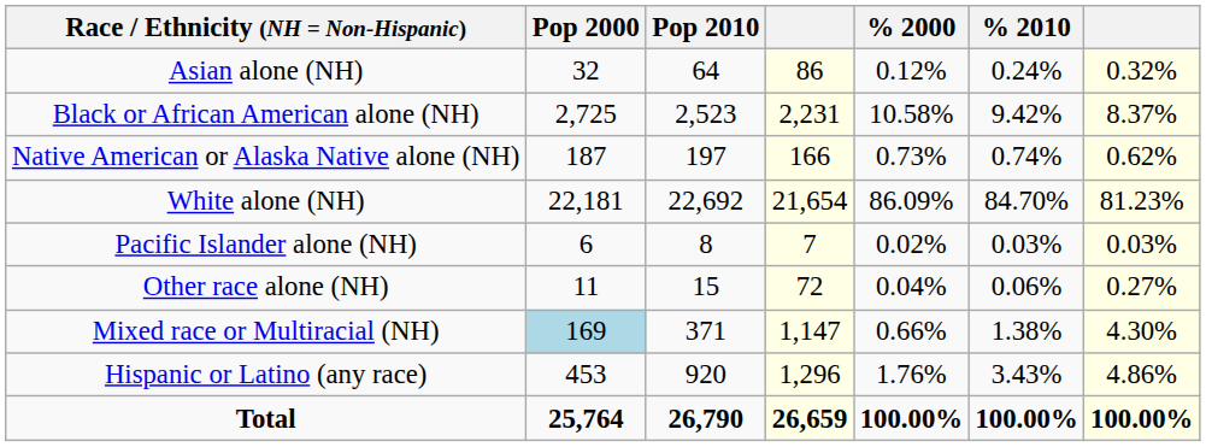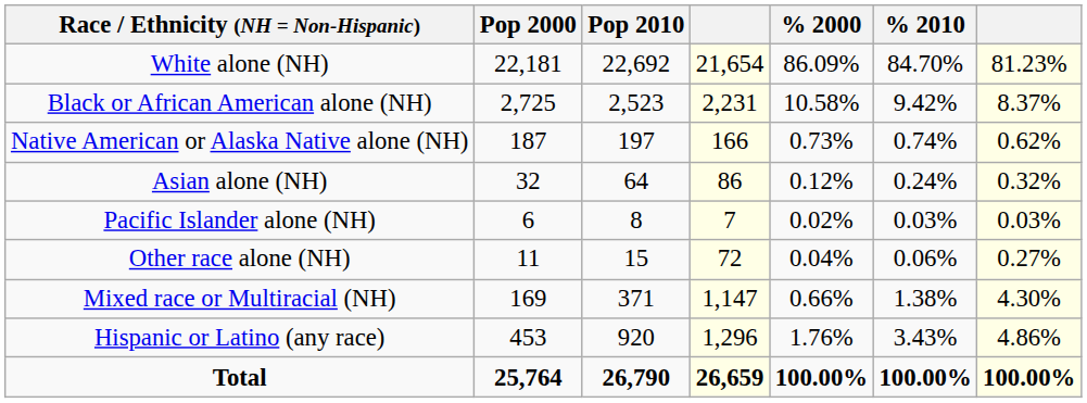 <table class="wikitable" style="text-align:center;">
 <tr>
 <th>Race / Ethnicity <small>(<em>NH = Non-Hispanic</em>)</small></th>
 <th>Pop 2000</th>
 <th>Pop 2010</th>
 <th></th>
 <th>% 2000</th>
 <th>% 2010</th>
 <th></th>
 </tr>
 <tr>
-<td><a href='#'>Asian</a> alone (NH)</td>
-<td>32</td>
-<td>64</td>
-<td style='background: #ffffe6;'>86</td>
-<td>0.12%</td>
-<td>0.24%</td>
-<td style='background: #ffffe6;'>0.32%</td>
+<td><a href='#'>White</a> alone (NH)</td>
+<td>22,181</td>
+<td>22,692</td>
+<td style='background: #ffffe6;'>21,654</td>
+<td>86.09%</td>
+<td>84.70%</td>
+<td style='background: #ffffe6;'>81.23%</td>
 </tr>
 <tr>
 <td><a href='#'>Black or African American</a> alone (NH)</td>
 <td>2,725</td>
 <td>2,523</td>
 <td style='background: #ffffe6;'>2,231</td>
 <td>10.58%</td>
 <td>9.42%</td>
 <td style='background: #ffffe6;'>8.37%</td>
 </tr>
 <tr>
 <td><a href='#'>Native American</a> or <a href='#'>Alaska Native</a> alone (NH)</td>
 <td>187</td>
 <td>197</td>
 <td style='background: #ffffe6;'>166</td>
 <td>0.73%</td>
 <td>0.74%</td>
 <td style='background: #ffffe6;'>0.62%</td>
 </tr>
 <tr>
-<td><a href='#'>White</a> alone (NH)</td>
-<td>22,181</td>
-<td>22,692</td>
-<td style='background: #ffffe6;'>21,654</td>
-<td>86.09%</td>
-<td>84.70%</td>
-<td style='background: #ffffe6;'>81.23%</td>
+<td><a href='#'>Asian</a> alone (NH)</td>
+<td>32</td>
+<td>64</td>
+<td style='background: #ffffe6;'>86</td>
+<td>0.12%</td>
+<td>0.24%</td>
+<td style='background: #ffffe6;'>0.32%</td>
 </tr>
 <tr>
 <td><a href='#'>Pacific Islander</a> alone (NH)</td>
 <td>6</td>
 <td>8</td>
 <td style='background: #ffffe6;'>7</td>
 <td>0.02%</td>
 <td>0.03%</td>
 <td style='background: #ffffe6;'>0.03%</td>
 </tr>
 <tr>
 <td><a href='#'>Other race</a> alone (NH)</td>
 <td>11</td>
 <td>15</td>
 <td style='background: #ffffe6;'>72</td>
 <td>0.04%</td>
 <td>0.06%</td>
 <td style='background: #ffffe6;'>0.27%</td>
 </tr>
 <tr>
 <td><a href='#'>Mixed race or Multiracial</a> (NH)</td>
-<td style="background: lightblue;">169</td>
+<td>169</td>
 <td>371</td>
 <td style='background: #ffffe6;'>1,147</td>
 <td>0.66%</td>
 <td>1.38%</td>
 <td style='background: #ffffe6;'>4.30%</td>
 </tr>
 <tr>
 <td><a href='#'>Hispanic or Latino</a> (any race)</td>
 <td>453</td>
 <td>920</td>
 <td style='background: #ffffe6;'>1,296</td>
 <td>1.76%</td>
 <td>3.43%</td>
 <td style='background: #ffffe6;'>4.86%</td>
 </tr>
 <tr>
 <td><strong>Total</strong></td>
 <td><strong>25,764</strong></td>
 <td><strong>26,790</strong></td>
 <td style='background: #ffffe6;'><strong>26,659</strong></td>
 <td><strong>100.00%</strong></td>
 <td><strong>100.00%</strong></td>
 <td style='background: #ffffe6;'><strong>100.00%</strong></td>
 </tr>
 </table>
